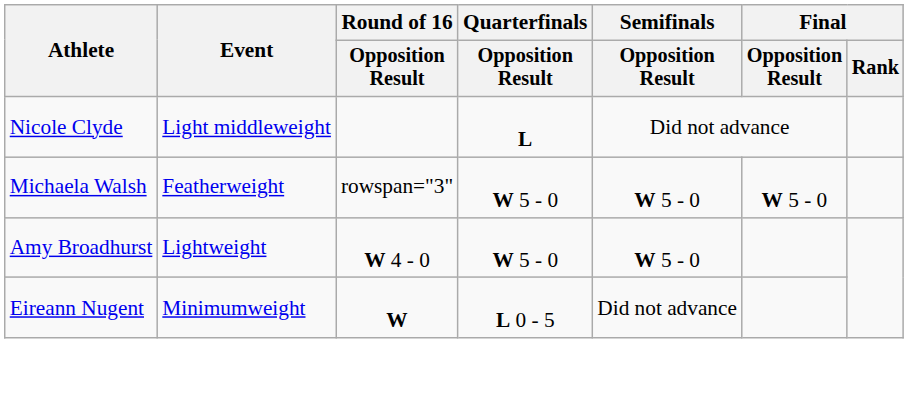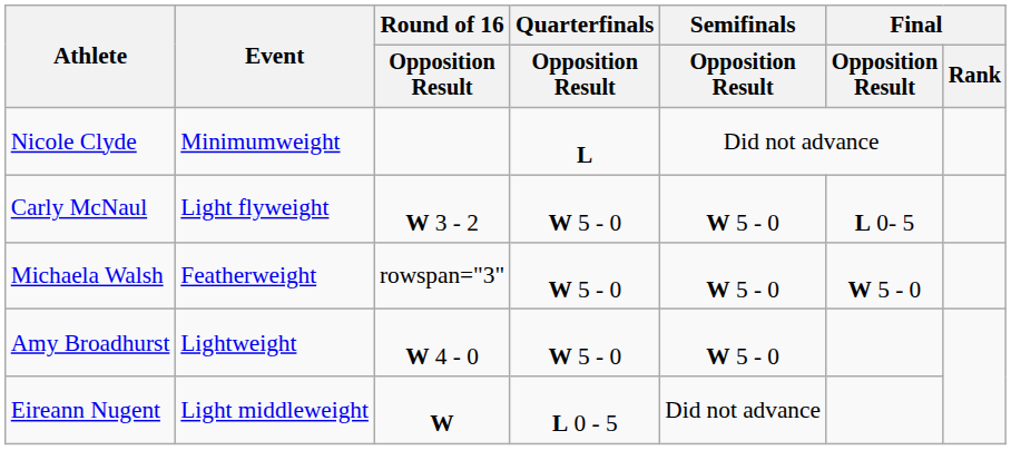 <table class="wikitable" style="font-size:90%; text-align:center">
 <tr>
 <th rowspan=2>Athlete</th>
 <th rowspan=2>Event</th>
 <th>Round of 16</th>
 <th>Quarterfinals</th>
 <th>Semifinals</th>
 <th colspan=2>Final</th>
 </tr>
 <tr style="font-size:95%">
 <th>Opposition<br>Result</th>
 <th>Opposition<br>Result</th>
 <th>Opposition<br>Result</th>
 <th>Opposition<br>Result</th>
 <th>Rank</th>
 </tr>
 <tr>
 <td align=left><a href='#'>Nicole Clyde</a></td>
-<td align=left><a href='#'>Light middleweight</a></td>
+<td align=left><a href='#'>Minimumweight</a></td>
 <td></td>
 <td><br><strong>L</strong> </td>
 <td colspan="2">Did not advance</td>
+<td></td>
+</tr>
+<tr>
+<td align=left><a href='#'>Carly McNaul</a></td>
+<td align=left><a href='#'>Light flyweight</a></td>
+<td><br><strong>W</strong> 3 - 2</td>
+<td><br><strong>W</strong> 5 - 0</td>
+<td><br><strong>W</strong> 5 - 0</td>
+<td><br><strong>L</strong> 0- 5</td>
 <td></td>
 </tr>
 <tr>
 <td align=left><a href='#'>Michaela Walsh</a></td>
 <td align=left><a href='#'>Featherweight</a></td>
 <td>rowspan="3" </td>
 <td><br><strong>W</strong> 5 - 0</td>
 <td><br><strong>W</strong> 5 - 0</td>
 <td><br><strong>W</strong> 5 - 0</td>
 <td></td>
 </tr>
 <tr>
 <td align=left><a href='#'>Amy Broadhurst</a></td>
 <td align=left><a href='#'>Lightweight</a></td>
 <td><br><strong>W</strong> 4 - 0</td>
 <td><br><strong>W</strong> 5 - 0</td>
 <td><br><strong>W</strong> 5 - 0</td>
 <td></td>
 </tr>
 <tr>
 <td align=left><a href='#'>Eireann Nugent</a></td>
-<td align=left><a href='#'>Minimumweight</a></td>
+<td align=left><a href='#'>Light middleweight</a></td>
 <td><br><strong>W</strong> </td>
 <td><br><strong>L</strong> 0 - 5</td>
 <td>Did not advance</td>
 <td></td>
 </tr>
 </table>
